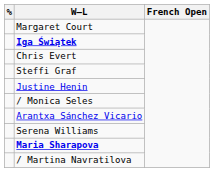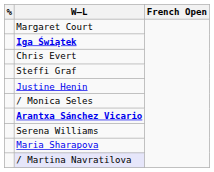 <table class="wikitable nowrap" style="display:inline-table;">
 <tr>
 <th>%</th>
 <th>W–L</th>
 <th>French Open</th>
 </tr>
 <tr>
 <td></td>
 <td> Margaret Court</td>
 </tr>
 <tr>
 <td></td>
 <td> <strong><a href='#'>Iga Świątek</a></strong></td>
 </tr>
 <tr>
 <td></td>
 <td> Chris Evert</td>
 </tr>
 <tr>
 <td></td>
 <td> Steffi Graf</td>
 </tr>
 <tr>
 <td></td>
 <td> <a href='#'>Justine Henin</a></td>
 </tr>
 <tr>
 <td></td>
 <td>/ Monica Seles</td>
 </tr>
 <tr>
 <td></td>
-<td> <a href='#'>Arantxa Sánchez Vicario</a></td>
+<td><strong> <a href='#'>Arantxa Sánchez Vicario</a></strong></td>
 </tr>
 <tr>
 <td></td>
 <td> Serena Williams</td>
 </tr>
 <tr>
 <td></td>
-<td><strong> <a href='#'>Maria Sharapova</a></strong></td>
+<td> <a href='#'>Maria Sharapova</a></td>
 </tr>
 <tr>
 <td></td>
-<td>/ Martina Navratilova<br></td>
+<td style="background: lavender;">/ Martina Navratilova<br></td>
 </tr>
 </table>
